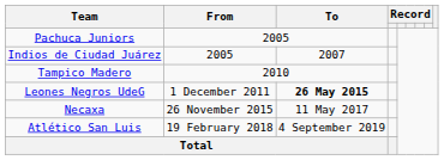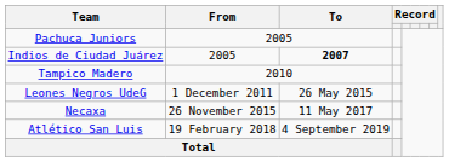 <table class="wikitable" style="text-align: center">
 <tr>
 <th rowspan="2">Team</th>
 <th rowspan="2">From</th>
 <th rowspan="2">To</th>
 <th colspan="5">Record</th>
 <th rowspan=2></th>
 </tr>
 <tr>
 <th></th>
 <th></th>
 <th></th>
 <th></th>
 <th></th>
 </tr>
 <tr>
 <td><a href='#'>Pachuca Juniors</a></td>
 <td colspan="2" style="text-align: center;">2005<br></td>
 <td></td>
 </tr>
 <tr>
 <td><a href='#'>Indios de Ciudad Juárez</a></td>
 <td>2005</td>
-<td>2007<br></td>
+<td><strong>2007<br></strong></td>
 <td></td>
 </tr>
 <tr>
 <td><a href='#'>Tampico Madero</a></td>
 <td colspan="2" style="text-align: center;">2010<br></td>
 <td></td>
 </tr>
 <tr>
 <td><a href='#'>Leones Negros UdeG</a></td>
 <td>1 December 2011</td>
-<td><strong>26 May 2015<br></strong></td>
+<td>26 May 2015<br></td>
 <td></td>
 </tr>
 <tr>
 <td><a href='#'>Necaxa</a></td>
 <td>26 November 2015</td>
 <td>11 May 2017<br></td>
 <td></td>
 </tr>
 <tr>
 <td><a href='#'>Atlético San Luis</a></td>
 <td>19 February 2018</td>
 <td>4 September 2019<br></td>
 <td></td>
 </tr>
 <tr>
 <th colspan="3">Total<br></th>
 <th></th>
 </tr>
 </table>
